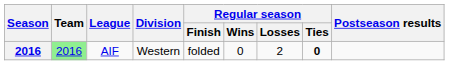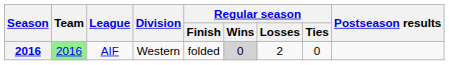 <table class="wikitable" style="text-align:center; font-size: 95%;">
 <tr>
 <th rowspan="2"><a href='#'>Season</a></th>
 <th rowspan="2">Team</th>
 <th rowspan="2"><a href='#'>League</a></th>
 <th rowspan="2"><a href='#'>Division</a></th>
 <th colspan="4"><a href='#'>Regular season</a></th>
 <th rowspan="2"><a href='#'>Postseason</a> results</th>
 </tr>
 <tr>
 <th>Finish</th>
 <th>Wins</th>
 <th>Losses</th>
 <th>Ties</th>
 </tr>
 <tr>
 <th><a href='#'>2016</a></th>
 <td style="background: lightgreen;"><a href='#'>2016</a></td>
 <td><a href='#'>AIF</a></td>
 <td>Western</td>
 <td>folded</td>
+<td style="background: lightgrey;">0</td>
+<td>2</td>
 <td>0</td>
-<td>2</td>
-<td><strong>0</strong></td>
 <td></td>
 </tr>
 </table>
